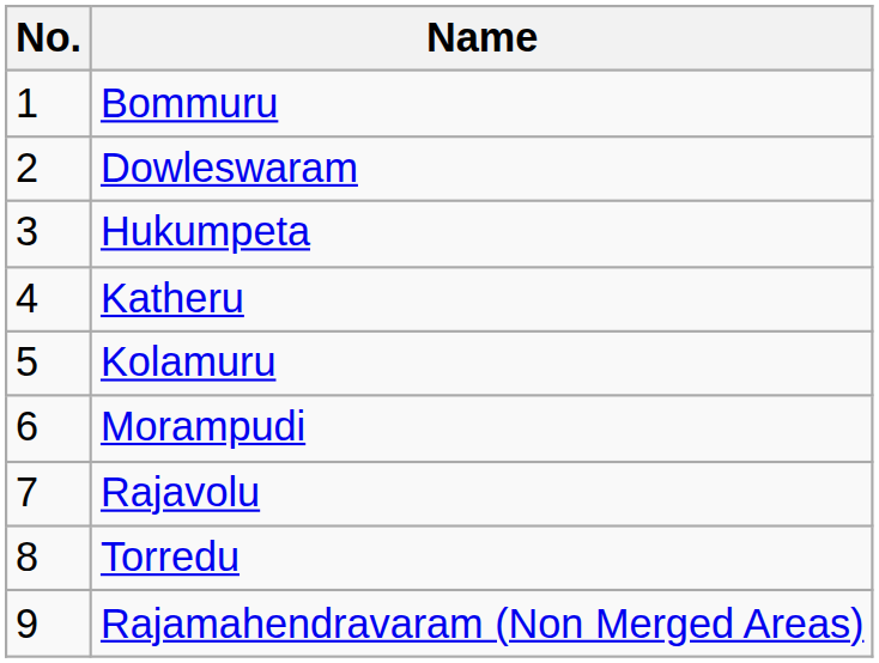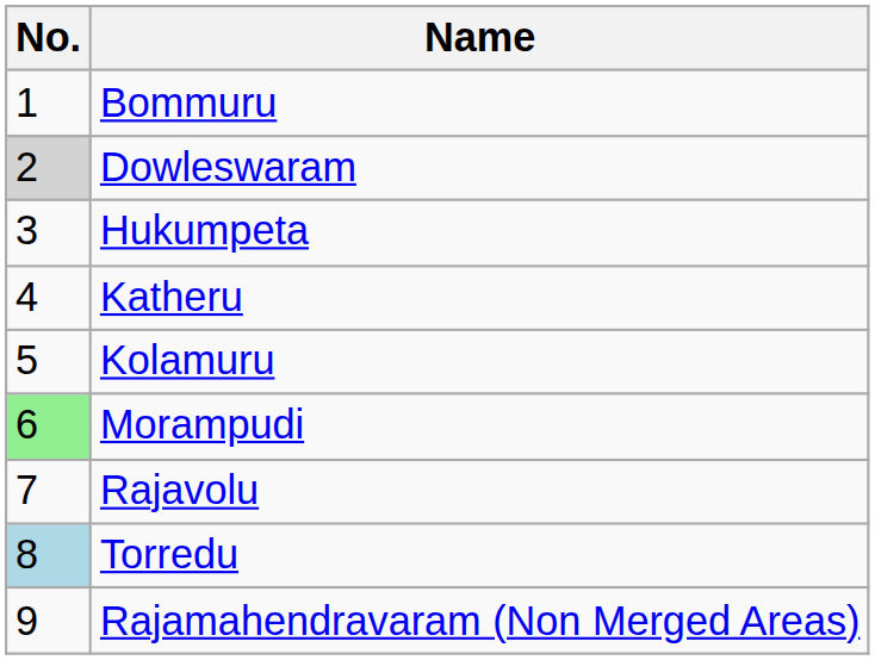 <table class="wikitable mw-collapsible">
 <tr>
 <th>No.</th>
 <th>Name</th>
 </tr>
 <tr>
 <td>1</td>
 <td><a href='#'>Bommuru</a></td>
 </tr>
 <tr>
-<td>2</td>
+<td style="background: lightgrey;">2</td>
 <td><a href='#'>Dowleswaram</a></td>
 </tr>
 <tr>
 <td>3</td>
 <td><a href='#'>Hukumpeta</a></td>
 </tr>
 <tr>
 <td>4</td>
 <td><a href='#'>Katheru</a></td>
 </tr>
 <tr>
 <td>5</td>
 <td><a href='#'>Kolamuru</a></td>
 </tr>
 <tr>
-<td>6</td>
+<td style="background: lightgreen;">6</td>
 <td><a href='#'>Morampudi</a></td>
 </tr>
 <tr>
 <td>7</td>
 <td><a href='#'>Rajavolu</a></td>
 </tr>
 <tr>
-<td>8</td>
+<td style="background: lightblue;">8</td>
 <td><a href='#'>Torredu</a></td>
 </tr>
 <tr>
 <td>9</td>
 <td><a href='#'>Rajamahendravaram (Non Merged Areas)</a></td>
 </tr>
 </table>
